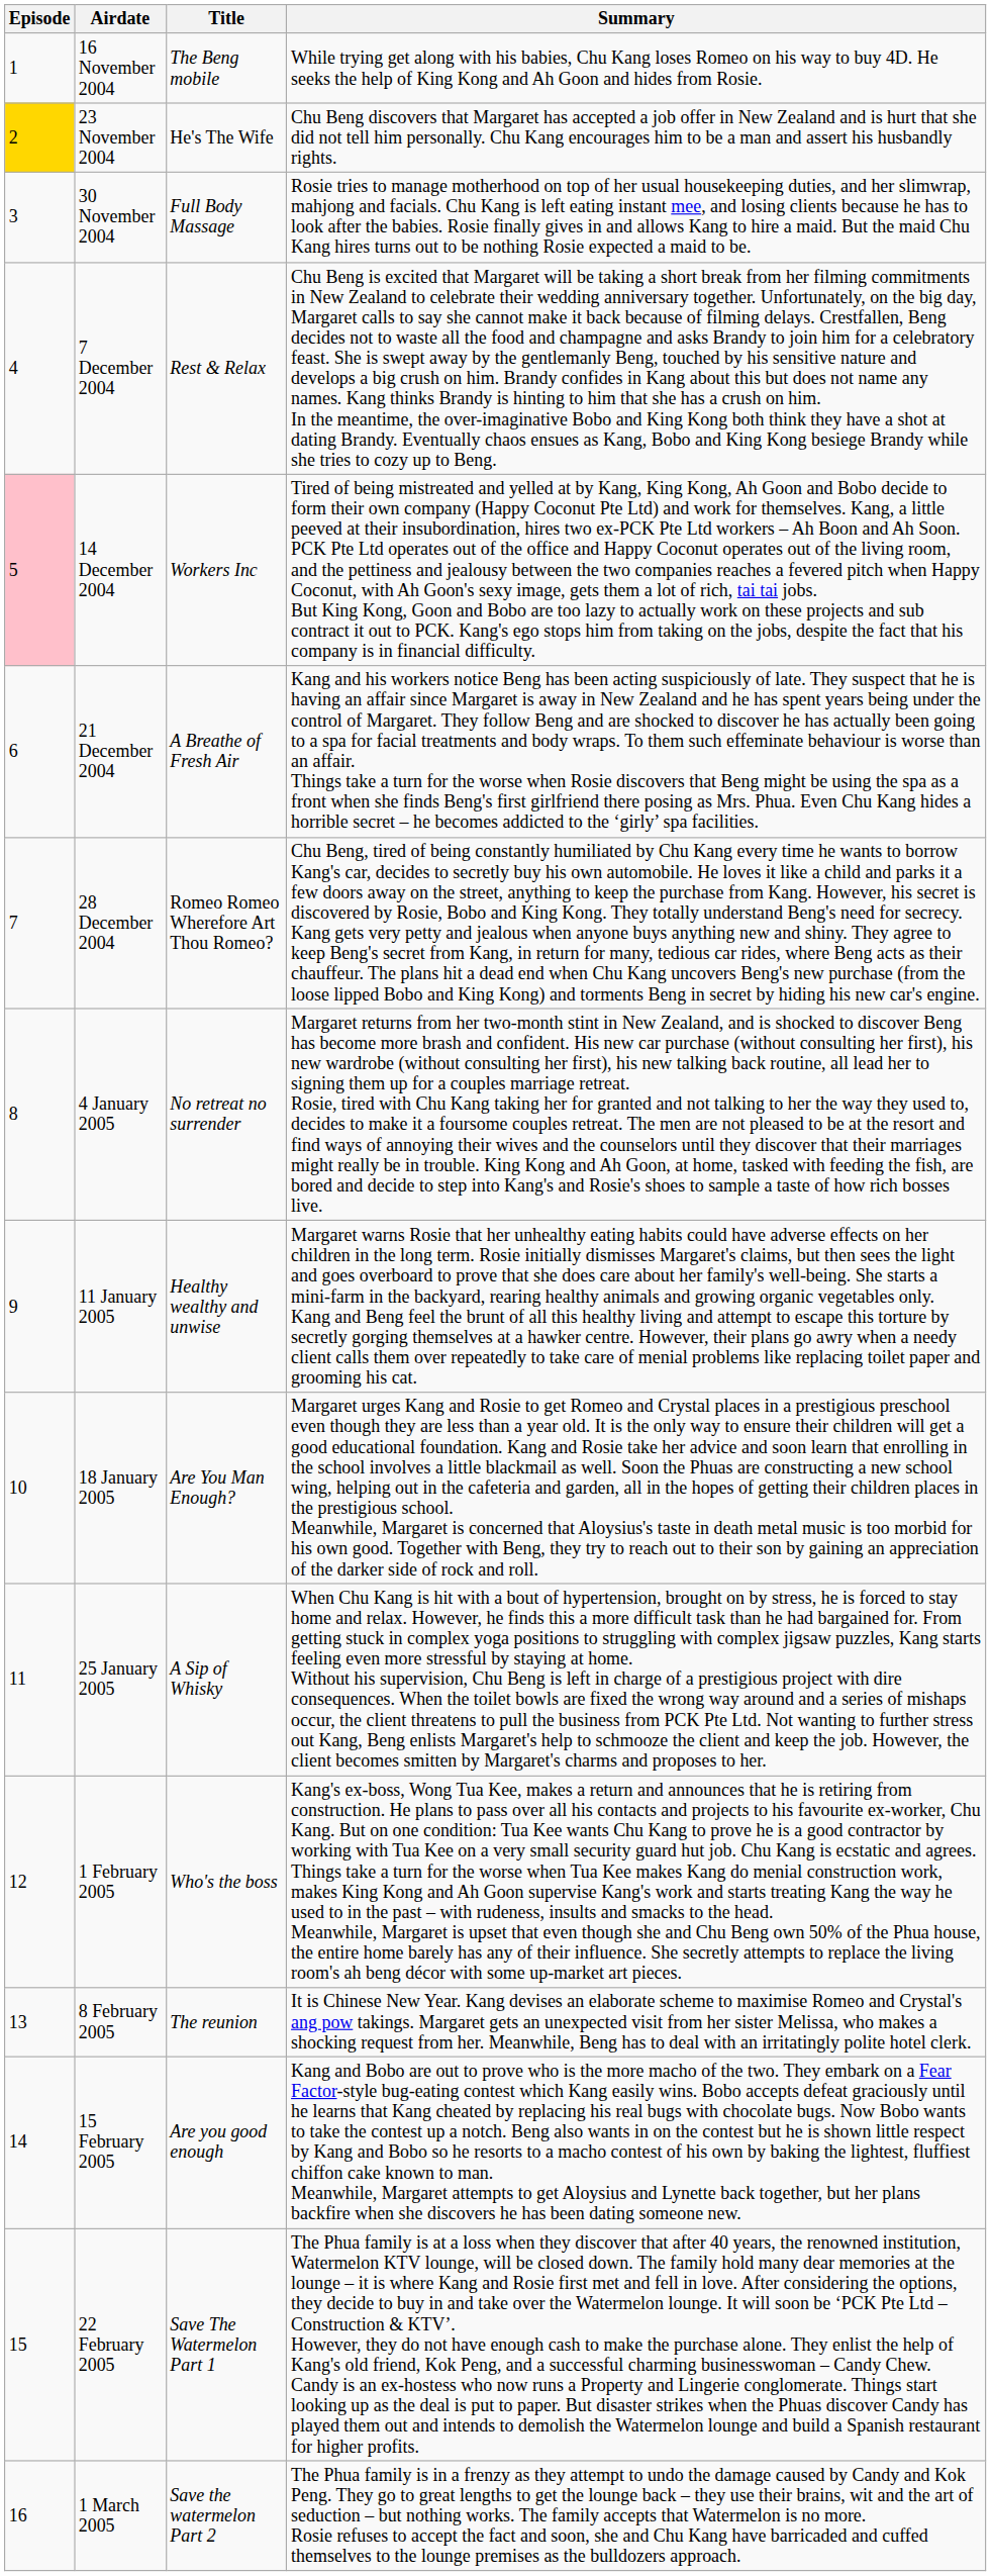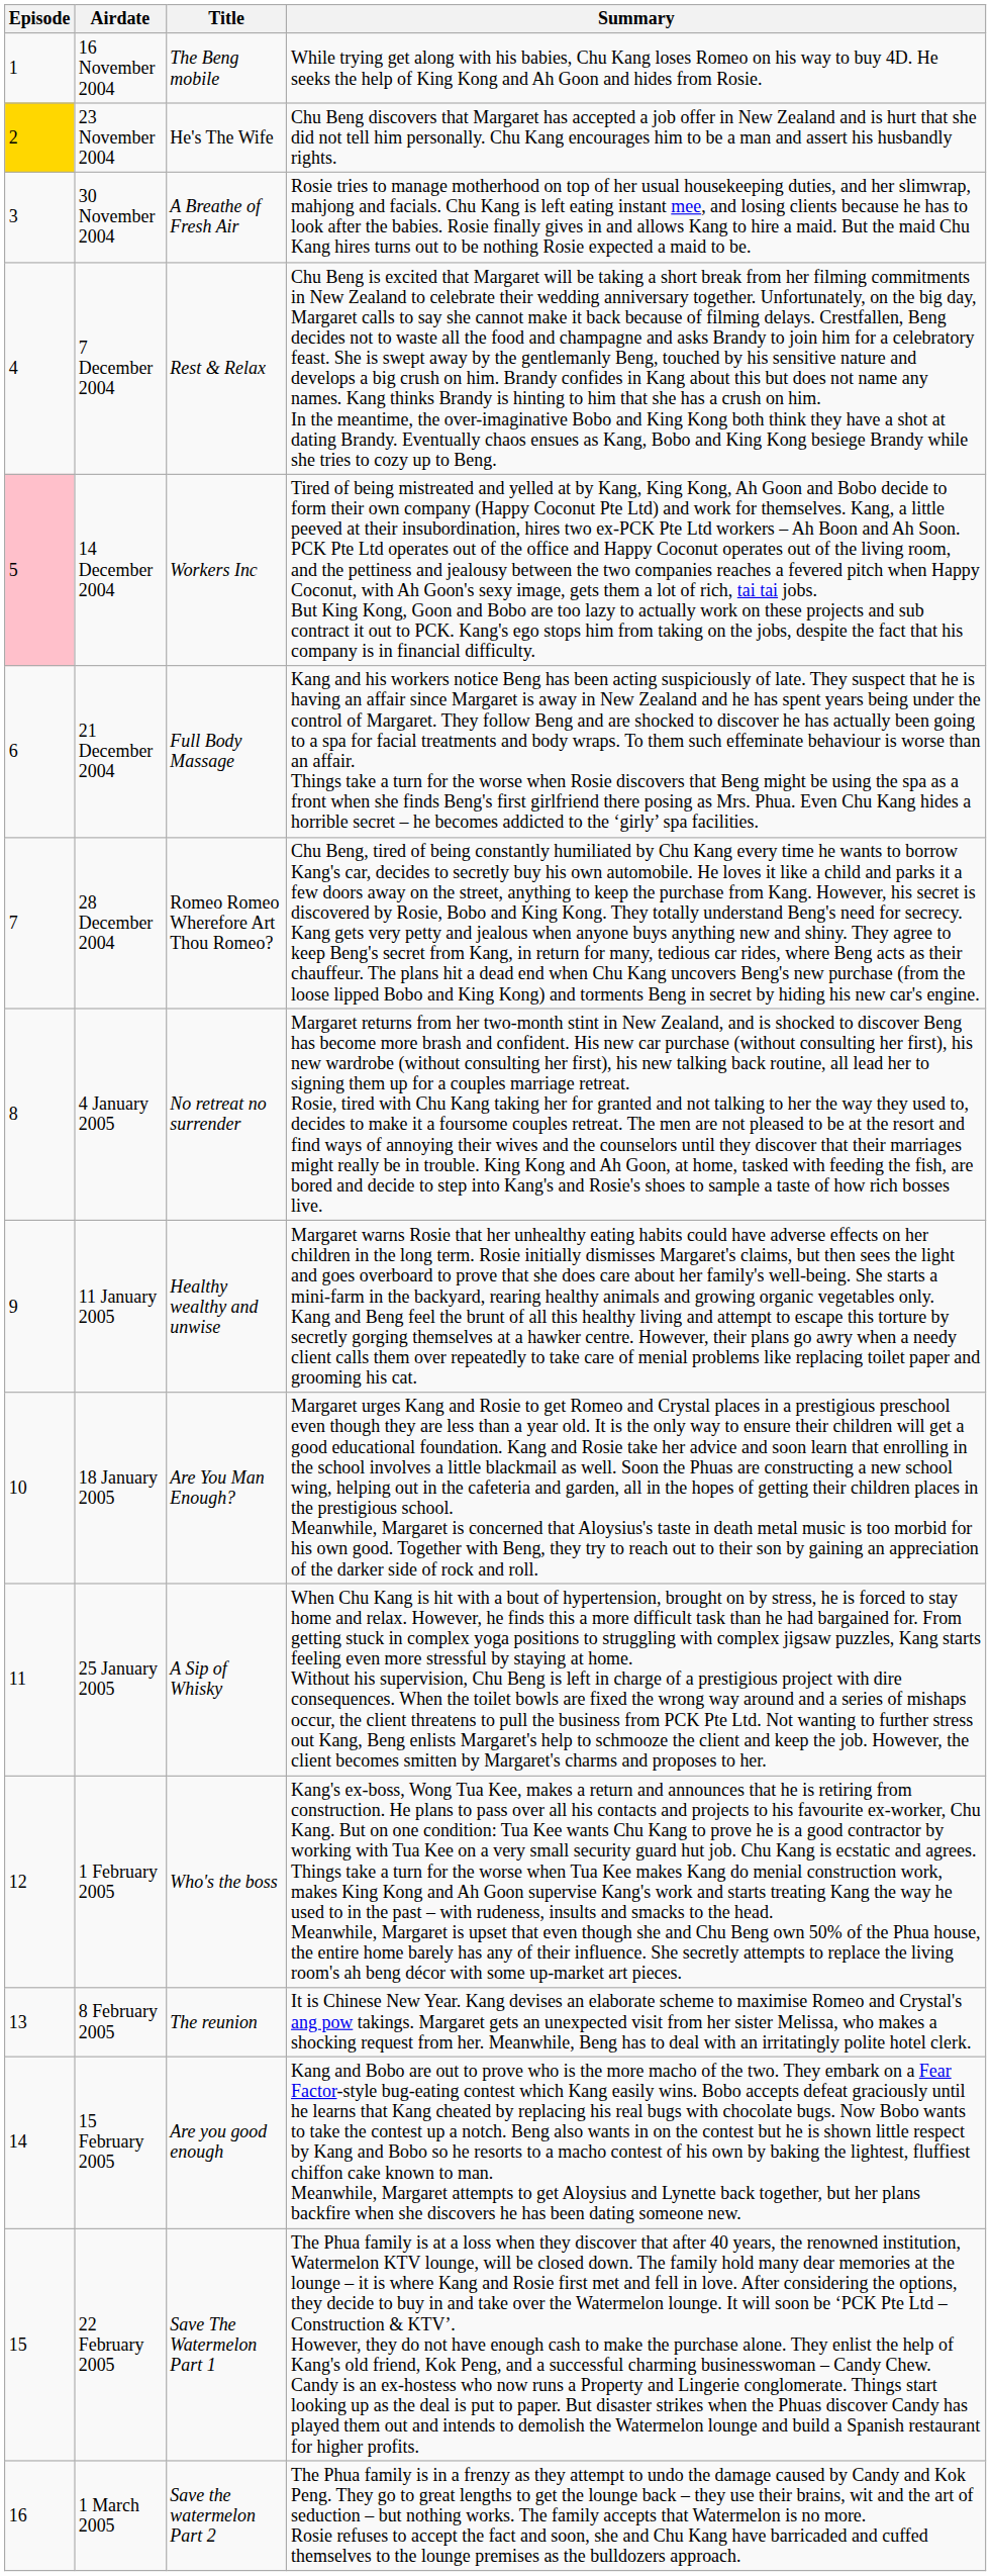 <table class="wikitable">
 <tr>
 <th>Episode</th>
 <th>Airdate</th>
 <th>Title</th>
 <th>Summary</th>
 </tr>
 <tr>
 <td>1</td>
 <td>16 November 2004</td>
 <td><em>The Beng mobile</em></td>
 <td>While trying get along with his babies, Chu Kang loses Romeo on his way to buy 4D. He seeks the help of King Kong and Ah Goon and hides from Rosie.</td>
 </tr>
 <tr>
 <td style="background: gold;">2</td>
 <td>23 November 2004</td>
 <td>He's The Wife</td>
 <td>Chu Beng discovers that Margaret has accepted a job offer in New Zealand and is hurt that she did not tell him personally. Chu Kang encourages him to be a man and assert his husbandly rights.</td>
 </tr>
 <tr>
 <td>3</td>
 <td>30 November 2004</td>
-<td><em>Full Body Massage</em></td>
+<td><em>A Breathe of Fresh Air</em></td>
 <td>Rosie tries to manage motherhood on top of her usual housekeeping duties, and her slimwrap, mahjong and facials. Chu Kang is left eating instant <a href='#'>mee</a>, and losing clients because he has to look after the babies. Rosie finally gives in and allows Kang to hire a maid. But the maid Chu Kang hires turns out to be nothing Rosie expected a maid to be.</td>
 </tr>
 <tr>
 <td>4</td>
 <td>7 December 2004</td>
 <td><em>Rest & Relax</em></td>
 <td>Chu Beng is excited that Margaret will be taking a short break from her filming commitments in New Zealand to celebrate their wedding anniversary together. Unfortunately, on the big day, Margaret calls to say she cannot make it back because of filming delays. Crestfallen, Beng decides not to waste all the food and champagne and asks Brandy to join him for a celebratory feast. She is swept away by the gentlemanly Beng, touched by his sensitive nature and develops a big crush on him. Brandy confides in Kang about this but does not name any names. Kang thinks Brandy is hinting to him that she has a crush on him.<br>In the meantime, the over-imaginative Bobo and King Kong both think they have a shot at dating Brandy. Eventually chaos ensues as Kang, Bobo and King Kong besiege Brandy while she tries to cozy up to Beng.</td>
 </tr>
 <tr>
 <td style="background: pink;">5</td>
 <td>14 December 2004</td>
 <td><em>Workers Inc</em></td>
 <td>Tired of being mistreated and yelled at by Kang, King Kong, Ah Goon and Bobo decide to form their own company (Happy Coconut Pte Ltd) and work for themselves. Kang, a little peeved at their insubordination, hires two ex-PCK Pte Ltd workers – Ah Boon and Ah Soon. PCK Pte Ltd operates out of the office and Happy Coconut operates out of the living room, and the pettiness and jealousy between the two companies reaches a fevered pitch when Happy Coconut, with Ah Goon's sexy image, gets them a lot of rich, <a href='#'>tai tai</a> jobs.<br>But King Kong, Goon and Bobo are too lazy to actually work on these projects and sub contract it out to PCK. Kang's ego stops him from taking on the jobs, despite the fact that his company is in financial difficulty.</td>
 </tr>
 <tr>
 <td>6</td>
 <td>21 December 2004</td>
-<td><em>A Breathe of Fresh Air</em></td>
+<td><em>Full Body Massage</em></td>
 <td>Kang and his workers notice Beng has been acting suspiciously of late. They suspect that he is having an affair since Margaret is away in New Zealand and he has spent years being under the control of Margaret. They follow Beng and are shocked to discover he has actually been going to a spa for facial treatments and body wraps. To them such effeminate behaviour is worse than an affair.<br>Things take a turn for the worse when Rosie discovers that Beng might be using the spa as a front when she finds Beng's first girlfriend there posing as Mrs. Phua. Even Chu Kang hides a horrible secret – he becomes addicted to the ‘girly’ spa facilities.</td>
 </tr>
 <tr>
 <td>7</td>
 <td>28 December 2004</td>
 <td>Romeo Romeo Wherefore Art Thou Romeo?</td>
 <td>Chu Beng, tired of being constantly humiliated by Chu Kang every time he wants to borrow Kang's car, decides to secretly buy his own automobile. He loves it like a child and parks it a few doors away on the street, anything to keep the purchase from Kang. However, his secret is discovered by Rosie, Bobo and King Kong. They totally understand Beng's need for secrecy. Kang gets very petty and jealous when anyone buys anything new and shiny. They agree to keep Beng's secret from Kang, in return for many, tedious car rides, where Beng acts as their chauffeur. The plans hit a dead end when Chu Kang uncovers Beng's new purchase (from the loose lipped Bobo and King Kong) and torments Beng in secret by hiding his new car's engine.</td>
 </tr>
 <tr>
 <td>8</td>
 <td>4 January 2005</td>
 <td><em>No retreat no surrender</em></td>
 <td>Margaret returns from her two-month stint in New Zealand, and is shocked to discover Beng has become more brash and confident. His new car purchase (without consulting her first), his new wardrobe (without consulting her first), his new talking back routine, all lead her to signing them up for a couples marriage retreat.<br>Rosie, tired with Chu Kang taking her for granted and not talking to her the way they used to, decides to make it a foursome couples retreat. The men are not pleased to be at the resort and find ways of annoying their wives and the counselors until they discover that their marriages might really be in trouble. King Kong and Ah Goon, at home, tasked with feeding the fish, are bored and decide to step into Kang's and Rosie's shoes to sample a taste of how rich bosses live.</td>
 </tr>
 <tr>
 <td>9</td>
 <td>11 January 2005</td>
 <td><em>Healthy wealthy and unwise</em></td>
 <td>Margaret warns Rosie that her unhealthy eating habits could have adverse effects on her children in the long term. Rosie initially dismisses Margaret's claims, but then sees the light and goes overboard to prove that she does care about her family's well-being. She starts a mini-farm in the backyard, rearing healthy animals and growing organic vegetables only.<br>Kang and Beng feel the brunt of all this healthy living and attempt to escape this torture by secretly gorging themselves at a hawker centre. However, their plans go awry when a needy client calls them over repeatedly to take care of menial problems like replacing toilet paper and grooming his cat.</td>
 </tr>
 <tr>
 <td>10</td>
 <td>18 January 2005</td>
 <td><em>Are You Man Enough?</em></td>
 <td>Margaret urges Kang and Rosie to get Romeo and Crystal places in a prestigious preschool even though they are less than a year old. It is the only way to ensure their children will get a good educational foundation. Kang and Rosie take her advice and soon learn that enrolling in the school involves a little blackmail as well. Soon the Phuas are constructing a new school wing, helping out in the cafeteria and garden, all in the hopes of getting their children places in the prestigious school.<br>Meanwhile, Margaret is concerned that Aloysius's taste in death metal music is too morbid for his own good. Together with Beng, they try to reach out to their son by gaining an appreciation of the darker side of rock and roll.</td>
 </tr>
 <tr>
 <td>11</td>
 <td>25 January 2005</td>
 <td><em>A Sip of Whisky</em></td>
 <td>When Chu Kang is hit with a bout of hypertension, brought on by stress, he is forced to stay home and relax. However, he finds this a more difficult task than he had bargained for. From getting stuck in complex yoga positions to struggling with complex jigsaw puzzles, Kang starts feeling even more stressful by staying at home.<br>Without his supervision, Chu Beng is left in charge of a prestigious project with dire consequences. When the toilet bowls are fixed the wrong way around and a series of mishaps occur, the client threatens to pull the business from PCK Pte Ltd. Not wanting to further stress out Kang, Beng enlists Margaret's help to schmooze the client and keep the job. However, the client becomes smitten by Margaret's charms and proposes to her.</td>
 </tr>
 <tr>
 <td>12</td>
 <td>1 February 2005</td>
 <td><em>Who's the boss</em></td>
 <td>Kang's ex-boss, Wong Tua Kee, makes a return and announces that he is retiring from construction. He plans to pass over all his contacts and projects to his favourite ex-worker, Chu Kang. But on one condition: Tua Kee wants Chu Kang to prove he is a good contractor by working with Tua Kee on a very small security guard hut job. Chu Kang is ecstatic and agrees. Things take a turn for the worse when Tua Kee makes Kang do menial construction work, makes King Kong and Ah Goon supervise Kang's work and starts treating Kang the way he used to in the past – with rudeness, insults and smacks to the head.<br>Meanwhile, Margaret is upset that even though she and Chu Beng own 50% of the Phua house, the entire home barely has any of their influence. She secretly attempts to replace the living room's ah beng décor with some up-market art pieces.</td>
 </tr>
 <tr>
 <td>13</td>
 <td>8 February 2005</td>
 <td><em>The reunion</em></td>
 <td>It is Chinese New Year. Kang devises an elaborate scheme to maximise Romeo and Crystal's <a href='#'>ang pow</a> takings. Margaret gets an unexpected visit from her sister Melissa, who makes a shocking request from her. Meanwhile, Beng has to deal with an irritatingly polite hotel clerk.</td>
 </tr>
 <tr>
 <td>14</td>
 <td>15 February 2005</td>
 <td><em>Are you good enough</em></td>
 <td>Kang and Bobo are out to prove who is the more macho of the two. They embark on a <a href='#'>Fear Factor</a>-style bug-eating contest which Kang easily wins. Bobo accepts defeat graciously until he learns that Kang cheated by replacing his real bugs with chocolate bugs. Now Bobo wants to take the contest up a notch. Beng also wants in on the contest but he is shown little respect by Kang and Bobo so he resorts to a macho contest of his own by baking the lightest, fluffiest chiffon cake known to man.<br>Meanwhile, Margaret attempts to get Aloysius and Lynette back together, but her plans backfire when she discovers he has been dating someone new.</td>
 </tr>
 <tr>
 <td>15</td>
 <td>22 February 2005</td>
 <td><em>Save The Watermelon Part 1</em></td>
 <td>The Phua family is at a loss when they discover that after 40 years, the renowned institution, Watermelon KTV lounge, will be closed down. The family hold many dear memories at the lounge – it is where Kang and Rosie first met and fell in love. After considering the options, they decide to buy in and take over the Watermelon lounge. It will soon be ‘PCK Pte Ltd – Construction & KTV’.<br>However, they do not have enough cash to make the purchase alone. They enlist the help of Kang's old friend, Kok Peng, and a successful charming businesswoman – Candy Chew. Candy is an ex-hostess who now runs a Property and Lingerie conglomerate. Things start looking up as the deal is put to paper. But disaster strikes when the Phuas discover Candy has played them out and intends to demolish the Watermelon lounge and build a Spanish restaurant for higher profits.</td>
 </tr>
 <tr>
 <td>16</td>
 <td>1 March 2005</td>
 <td><em>Save the watermelon Part 2</em></td>
 <td>The Phua family is in a frenzy as they attempt to undo the damage caused by Candy and Kok Peng. They go to great lengths to get the lounge back – they use their brains, wit and the art of seduction – but nothing works. The family accepts that Watermelon is no more.<br>Rosie refuses to accept the fact and soon, she and Chu Kang have barricaded and cuffed themselves to the lounge premises as the bulldozers approach.</td>
 </tr>
 </table>
